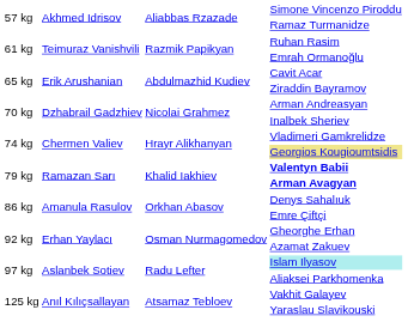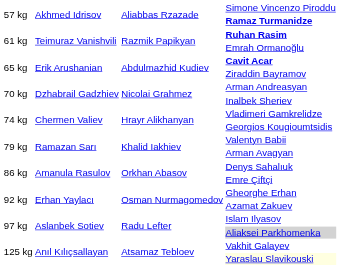 <table>
 <tr>
 <td rowspan=2>57 kg</td>
 <td rowspan=2> <a href='#'>Akhmed Idrisov</a></td>
 <td rowspan=2> <a href='#'>Aliabbas Rzazade</a></td>
 <td> <a href='#'>Simone Vincenzo Piroddu</a></td>
 </tr>
 <tr>
-<td> <a href='#'>Ramaz Turmanidze</a></td>
+<td><strong> <a href='#'>Ramaz Turmanidze</a></strong></td>
 </tr>
 <tr>
 <td rowspan=2>61 kg</td>
 <td rowspan=2> <a href='#'>Teimuraz Vanishvili</a></td>
 <td rowspan=2> <a href='#'>Razmik Papikyan</a></td>
-<td> <a href='#'>Ruhan Rasim</a></td>
+<td><strong> <a href='#'>Ruhan Rasim</a></strong></td>
 </tr>
 <tr>
 <td> <a href='#'>Emrah Ormanoğlu</a></td>
 </tr>
 <tr>
 <td rowspan=2>65 kg</td>
 <td rowspan=2> <a href='#'>Erik Arushanian</a></td>
 <td rowspan=2> <a href='#'>Abdulmazhid Kudiev</a></td>
-<td> <a href='#'>Cavit Acar</a></td>
+<td><strong> <a href='#'>Cavit Acar</a></strong></td>
 </tr>
 <tr>
 <td> <a href='#'>Ziraddin Bayramov</a></td>
 </tr>
 <tr>
 <td rowspan=2>70 kg</td>
 <td rowspan=2> <a href='#'>Dzhabrail Gadzhiev</a></td>
 <td rowspan=2> <a href='#'>Nicolai Grahmez</a></td>
 <td> <a href='#'>Arman Andreasyan</a></td>
 </tr>
 <tr>
 <td> <a href='#'>Inalbek Sheriev</a></td>
 </tr>
 <tr>
 <td rowspan=2>74 kg</td>
 <td rowspan=2> <a href='#'>Chermen Valiev</a></td>
 <td rowspan=2> <a href='#'>Hrayr Alikhanyan</a></td>
 <td> <a href='#'>Vladimeri Gamkrelidze</a></td>
 </tr>
 <tr>
-<td style="background: khaki;"> <a href='#'>Georgios Kougioumtsidis</a></td>
+<td> <a href='#'>Georgios Kougioumtsidis</a></td>
 </tr>
 <tr>
 <td rowspan=2>79 kg</td>
 <td rowspan=2> <a href='#'>Ramazan Sarı</a></td>
 <td rowspan=2> <a href='#'>Khalid Iakhiev</a></td>
-<td><strong> <a href='#'>Valentyn Babii</a></strong></td>
+<td> <a href='#'>Valentyn Babii</a></td>
 </tr>
 <tr>
-<td><strong> <a href='#'>Arman Avagyan</a></strong></td>
+<td> <a href='#'>Arman Avagyan</a></td>
 </tr>
 <tr>
 <td rowspan=2>86 kg</td>
 <td rowspan=2> <a href='#'>Amanula Rasulov</a></td>
 <td rowspan=2> <a href='#'>Orkhan Abasov</a></td>
 <td> <a href='#'>Denys Sahalıuk</a></td>
 </tr>
 <tr>
 <td> <a href='#'>Emre Çiftçi</a></td>
 </tr>
 <tr>
 <td rowspan=2>92 kg</td>
 <td rowspan=2> <a href='#'>Erhan Yaylacı</a></td>
 <td rowspan=2> <a href='#'>Osman Nurmagomedov</a></td>
 <td> <a href='#'>Gheorghe Erhan</a></td>
 </tr>
 <tr>
 <td> <a href='#'>Azamat Zakuev</a></td>
 </tr>
 <tr>
 <td rowspan=2>97 kg</td>
 <td rowspan=2> <a href='#'>Aslanbek Sotiev</a></td>
 <td rowspan=2> <a href='#'>Radu Lefter</a></td>
-<td style="background: paleturquoise;"> <a href='#'>Islam Ilyasov</a></td>
+<td> <a href='#'>Islam Ilyasov</a></td>
 </tr>
 <tr>
-<td> <a href='#'>Aliaksei Parkhomenka</a></td>
+<td style="background: lightgrey;"> <a href='#'>Aliaksei Parkhomenka</a></td>
 </tr>
 <tr>
 <td rowspan=2>125 kg</td>
 <td rowspan=2> <a href='#'>Anıl Kılıçsallayan</a></td>
 <td rowspan=2> <a href='#'>Atsamaz Tebloev</a></td>
 <td> <a href='#'>Vakhit Galayev</a></td>
 </tr>
 <tr>
-<td> <a href='#'>Yaraslau Slavikouski</a></td>
+<td style="background: lightyellow;"> <a href='#'>Yaraslau Slavikouski</a></td>
 </tr>
 </table>
